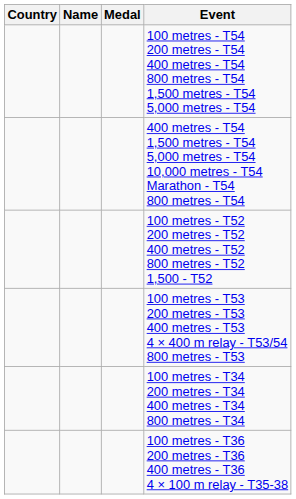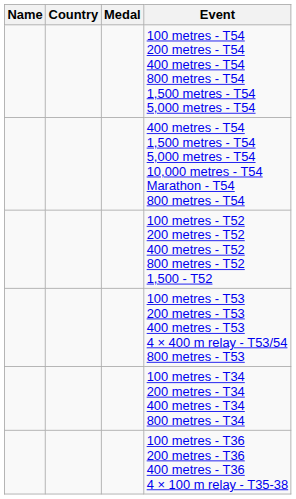 <table class="wikitable sortable" style="font-size:95%">
 <tr>
+<th>Name</th>
 <th>Country</th>
-<th>Name</th>
 <th>Medal</th>
 <th>Event</th>
 </tr>
 <tr>
 <td></td>
 <td></td>
 <td><br> <br> <br> <br><br> <br></td>
 <td><a href='#'>100 metres - T54</a> <br> <a href='#'>200 metres - T54</a><br><a href='#'>400 metres - T54</a><br><a href='#'>800 metres - T54</a><br><a href='#'>1,500 metres - T54</a><br><a href='#'>5,000 metres - T54</a></td>
 </tr>
 <tr>
 <td></td>
 <td></td>
 <td><br> <br> <br> <br><br> <br></td>
 <td><a href='#'>400 metres - T54</a> <br> <a href='#'>1,500 metres - T54</a><br><a href='#'>5,000 metres - T54</a><br><a href='#'>10,000 metres - T54</a><br><a href='#'>Marathon - T54</a><br><a href='#'>800 metres - T54</a></td>
 </tr>
 <tr>
 <td></td>
 <td></td>
 <td><br> <br> <br><br> <br></td>
 <td><a href='#'>100 metres - T52</a> <br> <a href='#'>200 metres - T52</a><br><a href='#'>400 metres - T52</a><br><a href='#'>800 metres - T52</a><br><a href='#'>1,500 - T52</a></td>
 </tr>
 <tr>
 <td></td>
 <td></td>
 <td><br> <br> <br><br> <br></td>
 <td><a href='#'>100 metres - T53</a> <br> <a href='#'>200 metres - T53</a><br><a href='#'>400 metres - T53</a><br><a href='#'>4 × 400 m relay - T53/54</a><br><a href='#'>800 metres - T53</a></td>
 </tr>
 <tr>
 <td></td>
 <td></td>
 <td><br> <br> <br><br></td>
 <td><a href='#'>100 metres - T34</a> <br> <a href='#'>200 metres - T34</a><br><a href='#'>400 metres - T34</a><br><a href='#'>800 metres - T34</a></td>
 </tr>
 <tr>
 <td></td>
 <td></td>
 <td><br> <br> <br><br></td>
 <td><a href='#'>100 metres - T36</a> <br> <a href='#'>200 metres - T36</a><br><a href='#'>400 metres - T36</a><br><a href='#'>4 × 100 m relay - T35-38</a></td>
 </tr>
 </table>
